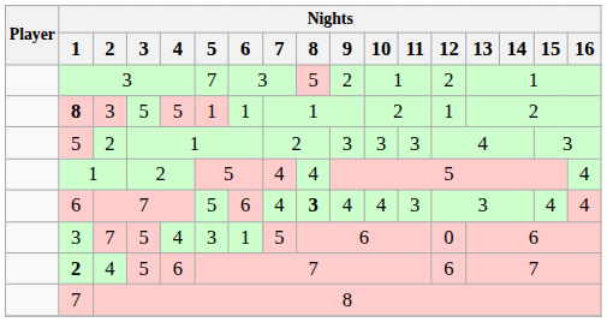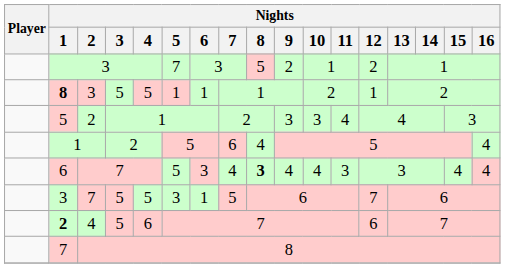 <table class="wikitable sortable">
 <tr style="font-size:10pt;font-weight:bold">
 <th rowspan=2>Player</th>
 <th colspan=16>Nights</th>
 </tr>
 <tr>
 <th style="width:20px;">1</th>
 <th style="width:20px;">2</th>
 <th style="width:20px;">3</th>
 <th style="width:20px;">4</th>
 <th style="width:20px;">5</th>
 <th style="width:20px;">6</th>
 <th style="width:20px;">7</th>
 <th style="width:20px;">8</th>
 <th style="width:20px;">9</th>
 <th style="width:20px;">10</th>
 <th style="width:20px;">11</th>
 <th style="width:20px;">12</th>
 <th style="width:20px;">13</th>
 <th style="width:20px;">14</th>
 <th style="width:20px;">15</th>
 <th style="width:20px;">16</th>
 </tr>
 <tr>
 <td></td>
 <td colspan=4 style="text-align:center; background:#cfc;">3</td>
 <td style="text-align:center; background:#cfc;">7</td>
 <td colspan=2 style="text-align:center; background:#cfc;">3</td>
 <td style="text-align:center; background:#ffcccc;">5</td>
 <td style="text-align:center; background:#cfc;">2</td>
 <td colspan=2 style="text-align:center; background:#cfc;">1</td>
 <td style="text-align:center; background:#cfc;">2</td>
 <td colspan=4 style="text-align:center; background:#cfc;">1</td>
 </tr>
 <tr>
 <td></td>
 <td style="text-align:center; background:#ffcccc;"><strong>8</strong></td>
 <td style="text-align:center; background:#ffcccc;">3</td>
 <td style="text-align:center; background:#cfc;">5</td>
 <td style="text-align:center; background:#ffcccc;">5</td>
 <td style="text-align:center; background:#ffcccc;">1</td>
 <td style="text-align:center; background:#cfc;">1</td>
 <td colspan=3 style="text-align:center; background:#cfc;">1</td>
 <td colspan=2 style="text-align:center; background:#cfc;">2</td>
 <td style="text-align:center; background:#cfc;">1</td>
 <td colspan=4  style="text-align:center; background:#cfc;">2</td>
 </tr>
 <tr>
 <td></td>
 <td style="text-align:center; background:#ffcccc;">5</td>
 <td style="text-align:center; background:#cfc;">2</td>
 <td colspan=4 style="text-align:center; background:#cfc;">1</td>
 <td colspan=2 style="text-align:center; background:#cfc;">2</td>
 <td style="text-align:center; background:#cfc;">3</td>
 <td style="text-align:center; background:#cfc;">3</td>
-<td style="text-align:center; background:#cfc;">3</td>
+<td style="text-align:center; background:#cfc;">4</td>
 <td colspan=3 style="text-align:center; background:#cfc;">4</td>
 <td colspan=2 style="text-align:center; background:#cfc;">3</td>
 </tr>
 <tr>
 <td></td>
 <td colspan=2 style="text-align:center; background:#cfc;">1</td>
 <td colspan=2 style="text-align:center; background:#cfc;">2</td>
 <td colspan=2 style="text-align:center; background:#ffcccc;">5</td>
-<td style="text-align:center; background:#ffcccc;">4</td>
+<td style="text-align:center; background:#ffcccc;">6</td>
 <td style="text-align:center; background:#cfc;">4</td>
 <td colspan=7 style="text-align:center; background:#ffcccc;">5</td>
 <td style="text-align:center; background:#cfc;">4</td>
 </tr>
 <tr>
 <td></td>
 <td style="text-align:center; background:#ffcccc;">6</td>
 <td colspan=3 style="text-align:center; background:#ffcccc;">7</td>
 <td style="text-align:center; background:#cfc;">5</td>
-<td style="text-align:center; background:#ffcccc;">6</td>
+<td style="text-align:center; background:#ffcccc;">3</td>
 <td style="text-align:center; background:#cfc">4</td>
 <td style="text-align:center; background:#cfc;"><strong>3</strong></td>
 <td style="text-align:center; background:#cfc;">4</td>
 <td style="text-align:center; background:#cfc;">4</td>
 <td style="text-align:center; background:#cfc;">3</td>
 <td colspan=3 style="text-align:center; background:#cfc;">3</td>
 <td style="text-align:center; background:#cfc;">4</td>
 <td style="text-align:center; background:#ffcccc;">4</td>
 </tr>
 <tr>
 <td></td>
 <td style="text-align:center; background:#cfc;">3</td>
 <td style="text-align:center; background:#ffcccc;">7</td>
 <td style="text-align:center; background:#ffcccc;">5</td>
-<td style="text-align:center; background:#cfc;">4</td>
+<td style="text-align:center; background:#cfc;">5</td>
 <td style="text-align:center; background:#cfc;">3</td>
 <td style="text-align:center; background:#cfc;">1</td>
 <td style="text-align:center; background:#ffcccc;">5</td>
 <td colspan=4 style="text-align:center; background:#ffcccc;">6</td>
-<td style="text-align:center; background:#ffcccc;">0</td>
+<td style="text-align:center; background:#ffcccc;">7</td>
 <td colspan=4 style="text-align:center; background:#ffcccc;">6</td>
 </tr>
 <tr>
 <td></td>
 <td style="text-align:center; background:#cfc;"><strong>2</strong></td>
 <td style="text-align:center; background:#cfc;">4</td>
 <td style="text-align:center; background:#ffcccc;">5</td>
 <td style="text-align:center; background:#ffcccc;">6</td>
 <td colspan=7 style="text-align:center; background:#ffcccc;">7</td>
 <td style="text-align:center; background:#ffcccc;">6</td>
 <td colspan=4 style="text-align:center; background:#ffcccc;">7</td>
 </tr>
 <tr>
 <td></td>
 <td style="text-align:center; background:#ffcccc;">7</td>
 <td colspan=15 style="text-align:center; background:#ffcccc;">8</td>
 </tr>
 <tr>
 </tr>
 </table>
